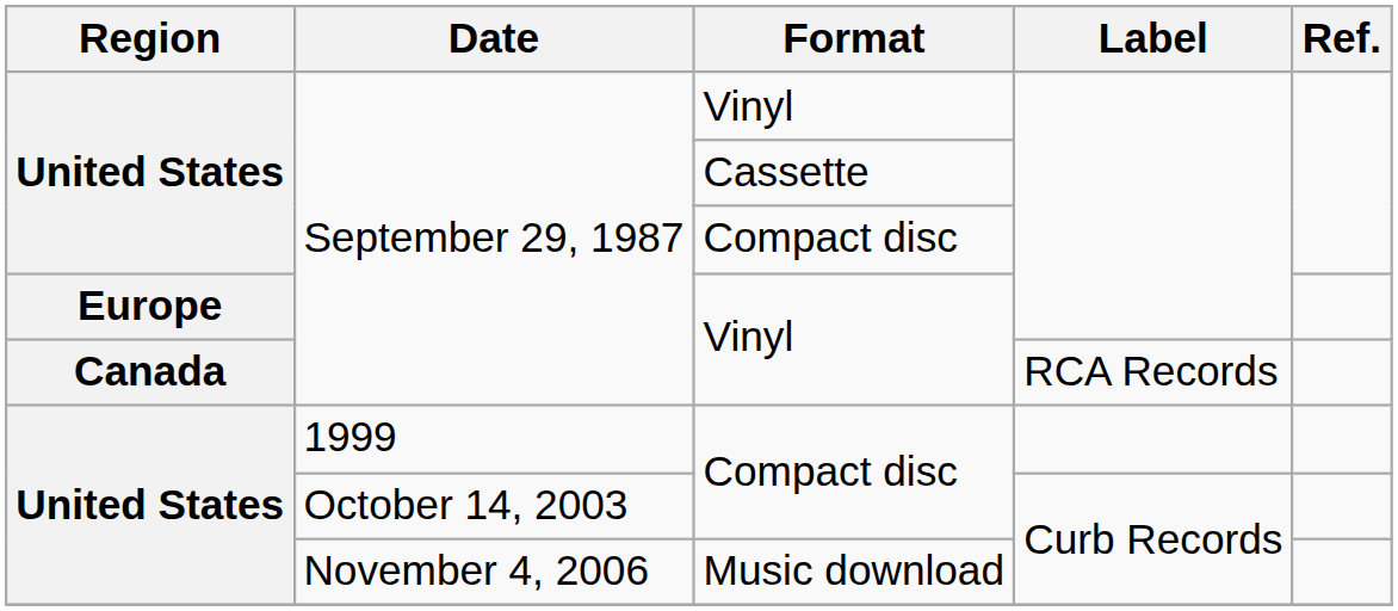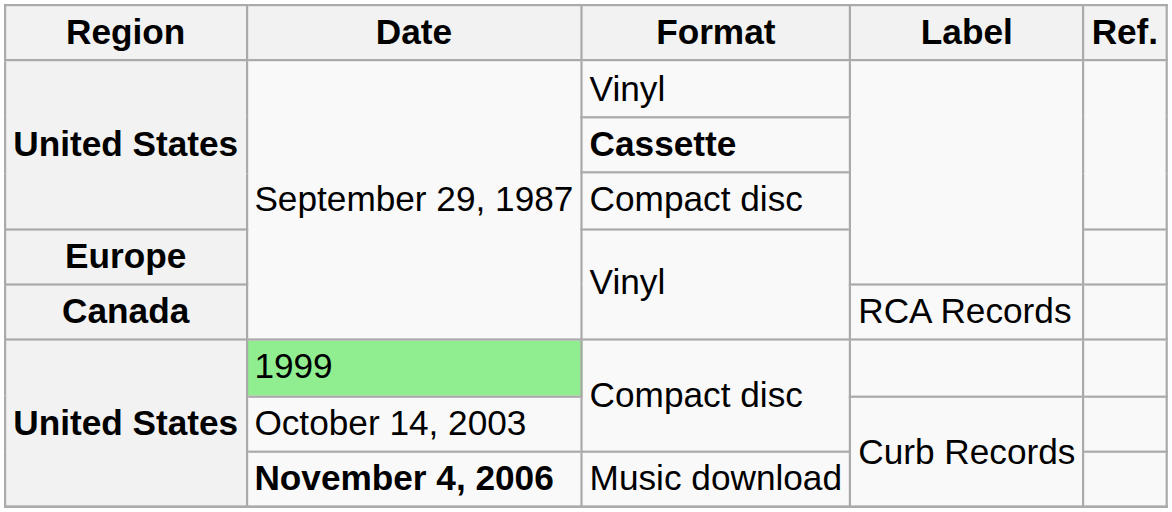 <table class="wikitable plainrowheaders">
 <tr>
 <th scope="col">Region</th>
 <th scope="col">Date</th>
 <th scope="col">Format</th>
 <th scope="col">Label</th>
 <th scope="col">Ref.</th>
 </tr>
 <tr>
 <th scope="row" rowspan="3">United States</th>
 <td rowspan="5">September 29, 1987</td>
 <td>Vinyl</td>
 <td rowspan="4"></td>
 <td rowspan = "3"></td>
 </tr>
 <tr>
-<td>Cassette</td>
+<td><strong>Cassette</strong></td>
 </tr>
 <tr>
 <td>Compact disc</td>
 </tr>
 <tr>
 <th scope="row">Europe</th>
 <td rowspan="2">Vinyl</td>
 <td></td>
 </tr>
 <tr>
 <th scope="row">Canada</th>
 <td>RCA Records</td>
 <td></td>
 </tr>
 <tr>
 <th scope="row" rowspan="3">United States</th>
-<td>1999</td>
+<td style="background: lightgreen;">1999</td>
 <td rowspan="2">Compact disc</td>
 <td></td>
 <td></td>
 </tr>
 <tr>
 <td>October 14, 2003</td>
 <td rowspan="2">Curb Records</td>
 <td></td>
 </tr>
 <tr>
-<td>November 4, 2006</td>
+<td><strong>November 4, 2006</strong></td>
 <td>Music download</td>
 <td></td>
 </tr>
 <tr>
 </tr>
 </table>
